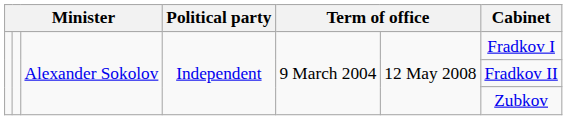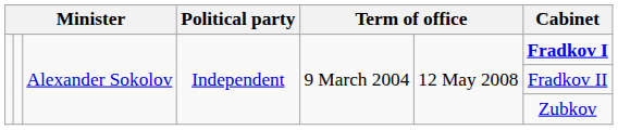 <table class="wikitable" style="text-align:center;">
 <tr>
 <th colspan=3>Minister</th>
 <th>Political party</th>
 <th colspan=2>Term of office</th>
 <th>Cabinet</th>
 </tr>
 <tr>
 <td rowspan=3 style="background: "></td>
 <td rowspan=3></td>
 <td rowspan=3><a href='#'>Alexander Sokolov</a></td>
 <td rowspan=3><a href='#'>Independent</a></td>
 <td rowspan=3>9 March 2004</td>
 <td rowspan=3>12 May 2008</td>
-<td><a href='#'>Fradkov I</a></td>
+<td><strong><a href='#'>Fradkov I</a></strong></td>
 </tr>
 <tr>
 <td><a href='#'>Fradkov II</a></td>
 </tr>
 <tr>
 <td><a href='#'>Zubkov</a></td>
 </tr>
 </table>
